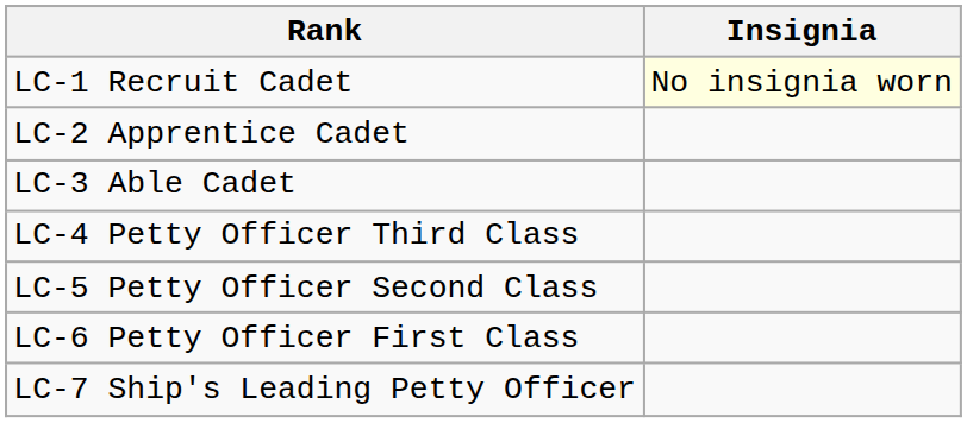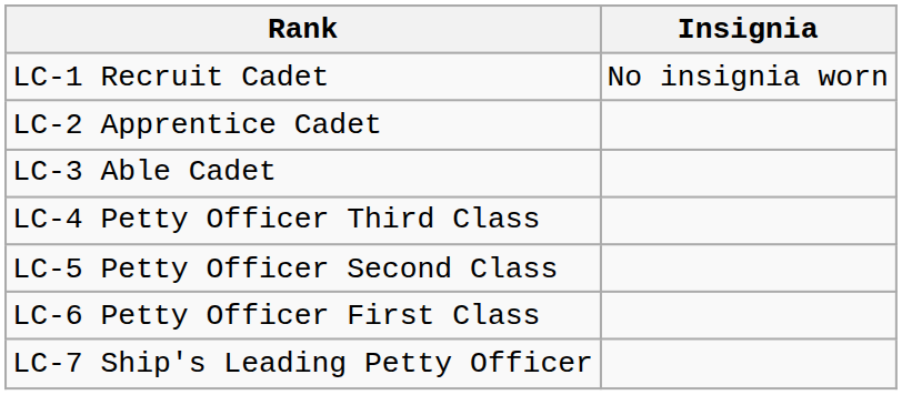 <table class="wikitable">
 <tr>
 <th>Rank</th>
 <th>Insignia</th>
 </tr>
 <tr>
 <td>LC-1 Recruit Cadet</td>
-<td style="background: lightyellow; vertical-align: middle">No insignia worn</td>
+<td style="vertical-align: middle">No insignia worn</td>
 </tr>
 <tr>
 <td>LC-2 Apprentice Cadet</td>
 <td></td>
 </tr>
 <tr>
 <td>LC-3 Able Cadet</td>
 <td></td>
 </tr>
 <tr>
 <td>LC-4 Petty Officer Third Class</td>
 <td></td>
 </tr>
 <tr>
 <td>LC-5 Petty Officer Second Class</td>
 <td></td>
 </tr>
 <tr>
 <td>LC-6 Petty Officer First Class</td>
 <td></td>
 </tr>
 <tr>
 <td>LC-7 Ship's Leading Petty Officer</td>
 <td></td>
 </tr>
 </table>
